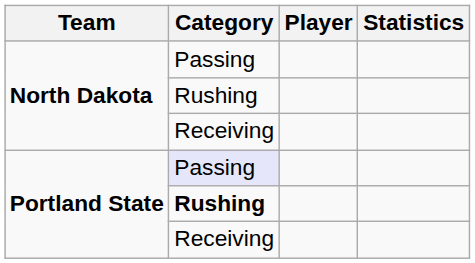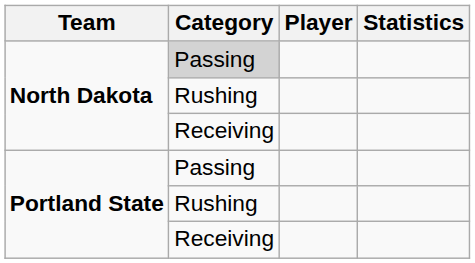 <table class="wikitable" style="float: right;">
 <tr>
 <th>Team</th>
 <th>Category</th>
 <th>Player</th>
 <th>Statistics</th>
 </tr>
 <tr>
 <td rowspan=3><strong>North Dakota</strong></td>
-<td>Passing</td>
+<td style="background: lightgrey;">Passing</td>
 <td></td>
 <td></td>
 </tr>
 <tr>
 <td>Rushing</td>
 <td></td>
 <td></td>
 </tr>
 <tr>
 <td>Receiving</td>
 <td></td>
 <td></td>
 </tr>
 <tr>
 <td rowspan=3><strong>Portland State</strong></td>
-<td style="background: lavender;">Passing</td>
+<td>Passing</td>
 <td></td>
 <td></td>
 </tr>
 <tr>
-<td><strong>Rushing</strong></td>
+<td>Rushing</td>
 <td></td>
 <td></td>
 </tr>
 <tr>
 <td>Receiving</td>
 <td></td>
 <td></td>
 </tr>
 </table>
